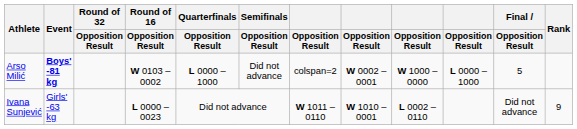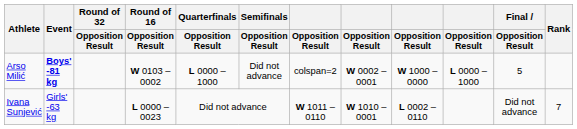 <table class="wikitable" style="font-size:90%">
 <tr>
 <th rowspan="2">Athlete</th>
 <th rowspan="2">Event</th>
 <th>Round of 32</th>
 <th>Round of 16</th>
 <th>Quarterfinals</th>
 <th>Semifinals</th>
 <th></th>
 <th></th>
 <th></th>
 <th></th>
 <th>Final / </th>
 <th rowspan=2>Rank</th>
 </tr>
 <tr style="font-size:95%">
 <th>Opposition<br>Result</th>
 <th>Opposition<br>Result</th>
 <th>Opposition<br>Result</th>
 <th>Opposition<br>Result</th>
 <th>Opposition<br>Result</th>
 <th>Opposition<br>Result</th>
 <th>Opposition<br>Result</th>
 <th>Opposition<br>Result</th>
 <th>Opposition<br>Result</th>
 </tr>
 <tr align=center>
 <td align=left><a href='#'>Arso Milić</a></td>
 <td align=left><strong><a href='#'>Boys' -81 kg</a></strong></td>
 <td></td>
 <td><br><strong>W</strong> 0103 – 0002</td>
 <td><br><strong>L</strong> 0000 – 1000</td>
 <td>Did not advance</td>
 <td>colspan=2 </td>
 <td><br><strong>W</strong> 0002 – 0001</td>
 <td><br><strong>W</strong> 1000 – 0000</td>
 <td><br><strong>L</strong> 0000 – 1000</td>
 <td>5</td>
 </tr>
 <tr align=center>
 <td align=left><a href='#'>Ivana Sunjević</a></td>
 <td align=left><a href='#'>Girls' -63 kg</a></td>
 <td></td>
 <td><br><strong>L</strong> 0000 – 0023</td>
 <td colspan=2>Did not advance</td>
 <td><br><strong>W</strong> 1011 – 0110</td>
 <td><br><strong>W</strong> 1010 – 0001</td>
 <td><br><strong>L</strong> 0002 – 0110</td>
 <td></td>
 <td>Did not advance</td>
-<td>9</td>
+<td>7</td>
 </tr>
 </table>
